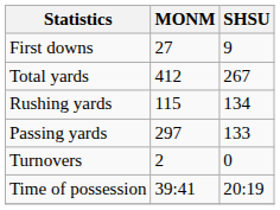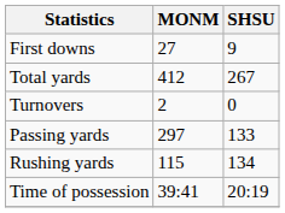 <table class="wikitable" style="float: left;">
 <tr>
 <th>Statistics</th>
 <th>MONM</th>
 <th>SHSU</th>
 </tr>
 <tr>
 <td>First downs</td>
 <td>27</td>
 <td>9</td>
 </tr>
 <tr>
 <td>Total yards</td>
 <td>412</td>
 <td>267</td>
 </tr>
 <tr>
-<td>Rushing yards</td>
-<td>115</td>
-<td>134</td>
+<td>Turnovers</td>
+<td>2</td>
+<td>0</td>
 </tr>
 <tr>
 <td>Passing yards</td>
 <td>297</td>
 <td>133</td>
 </tr>
 <tr>
-<td>Turnovers</td>
-<td>2</td>
-<td>0</td>
+<td>Rushing yards</td>
+<td>115</td>
+<td>134</td>
 </tr>
 <tr>
 <td>Time of possession</td>
 <td>39:41</td>
 <td>20:19</td>
 </tr>
 <tr>
 </tr>
 </table>
